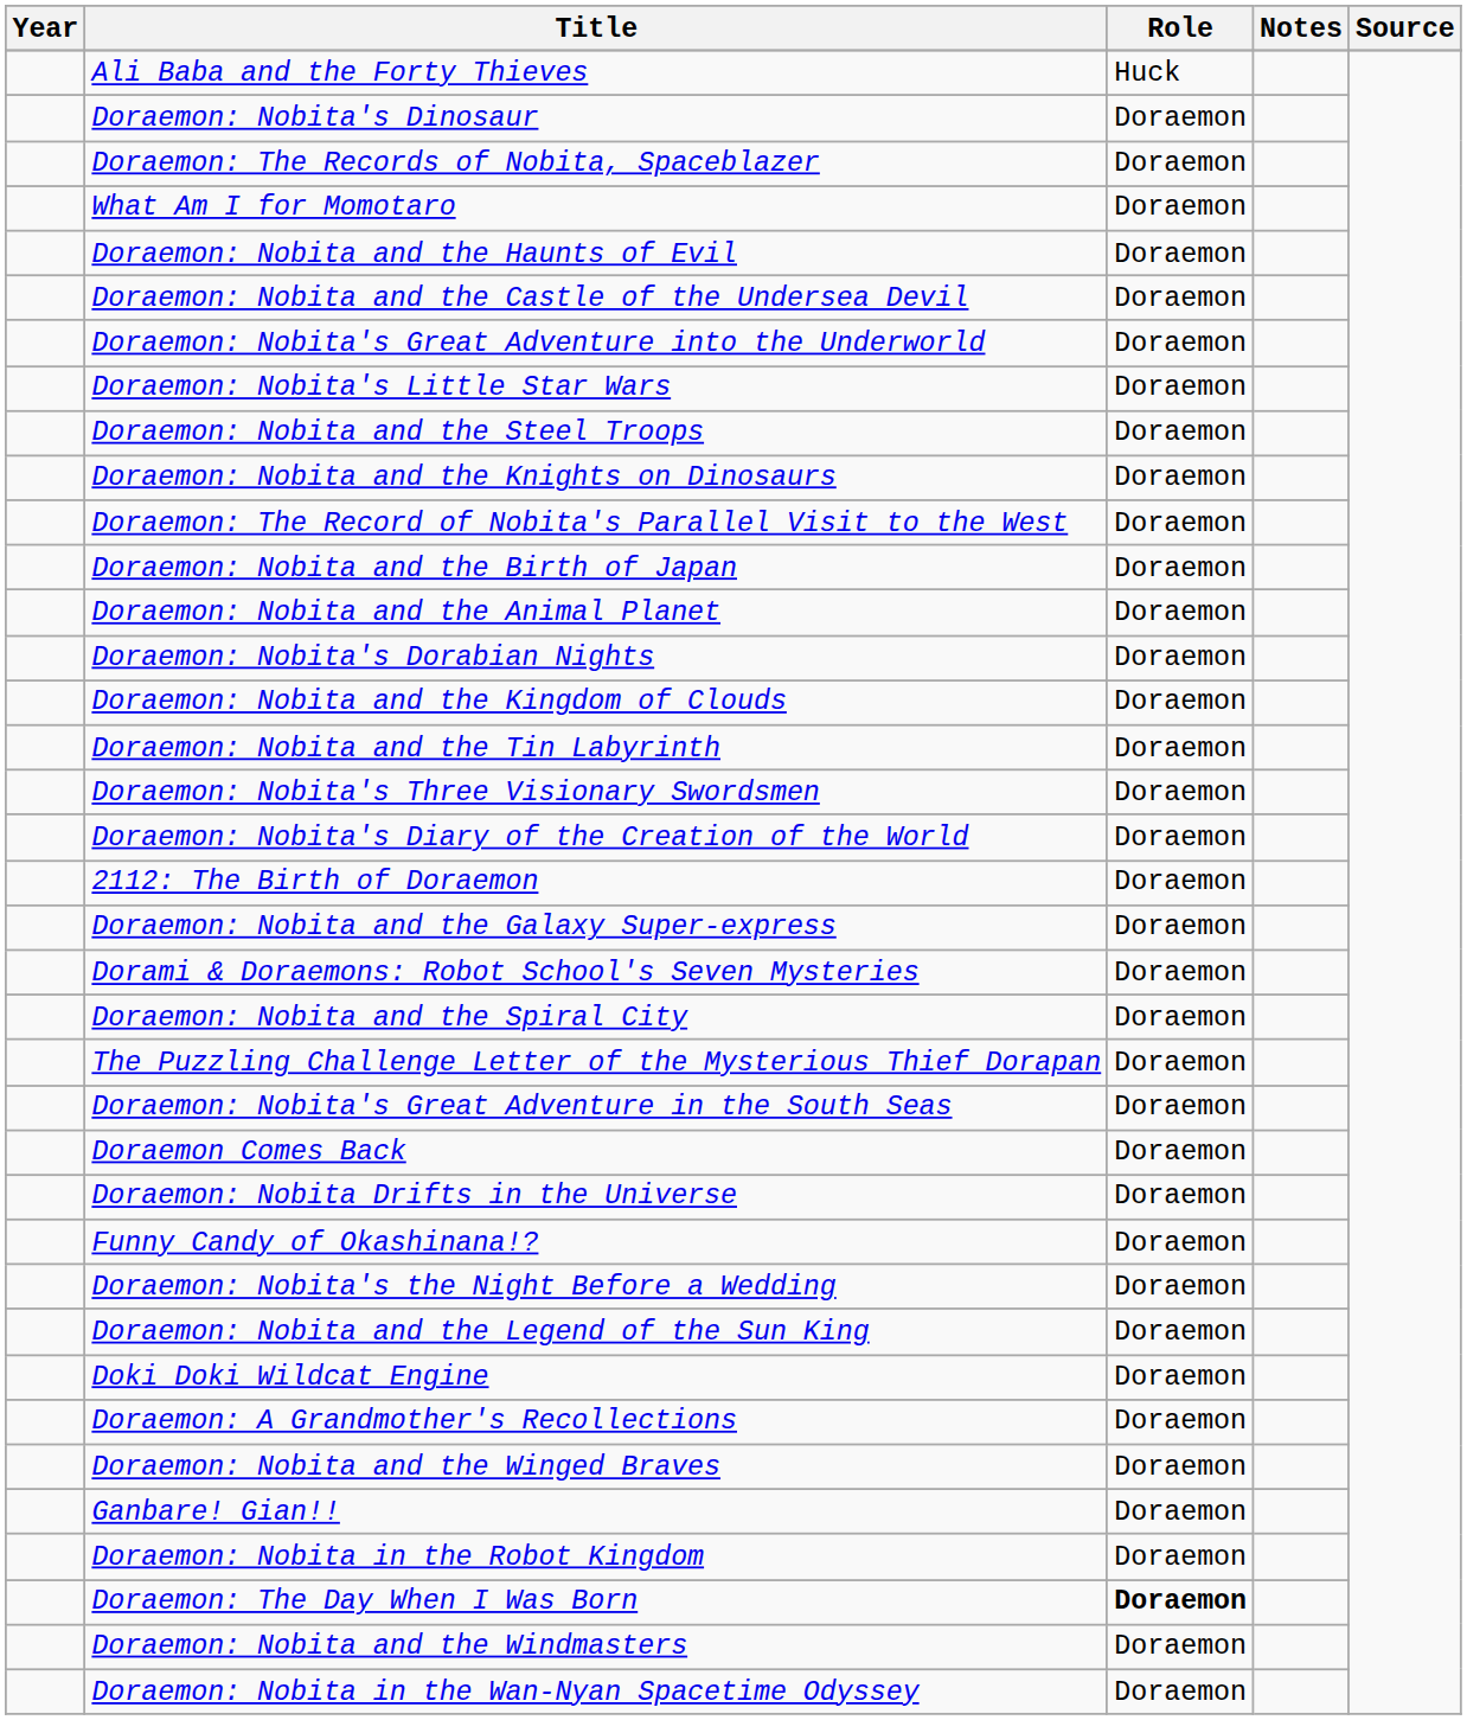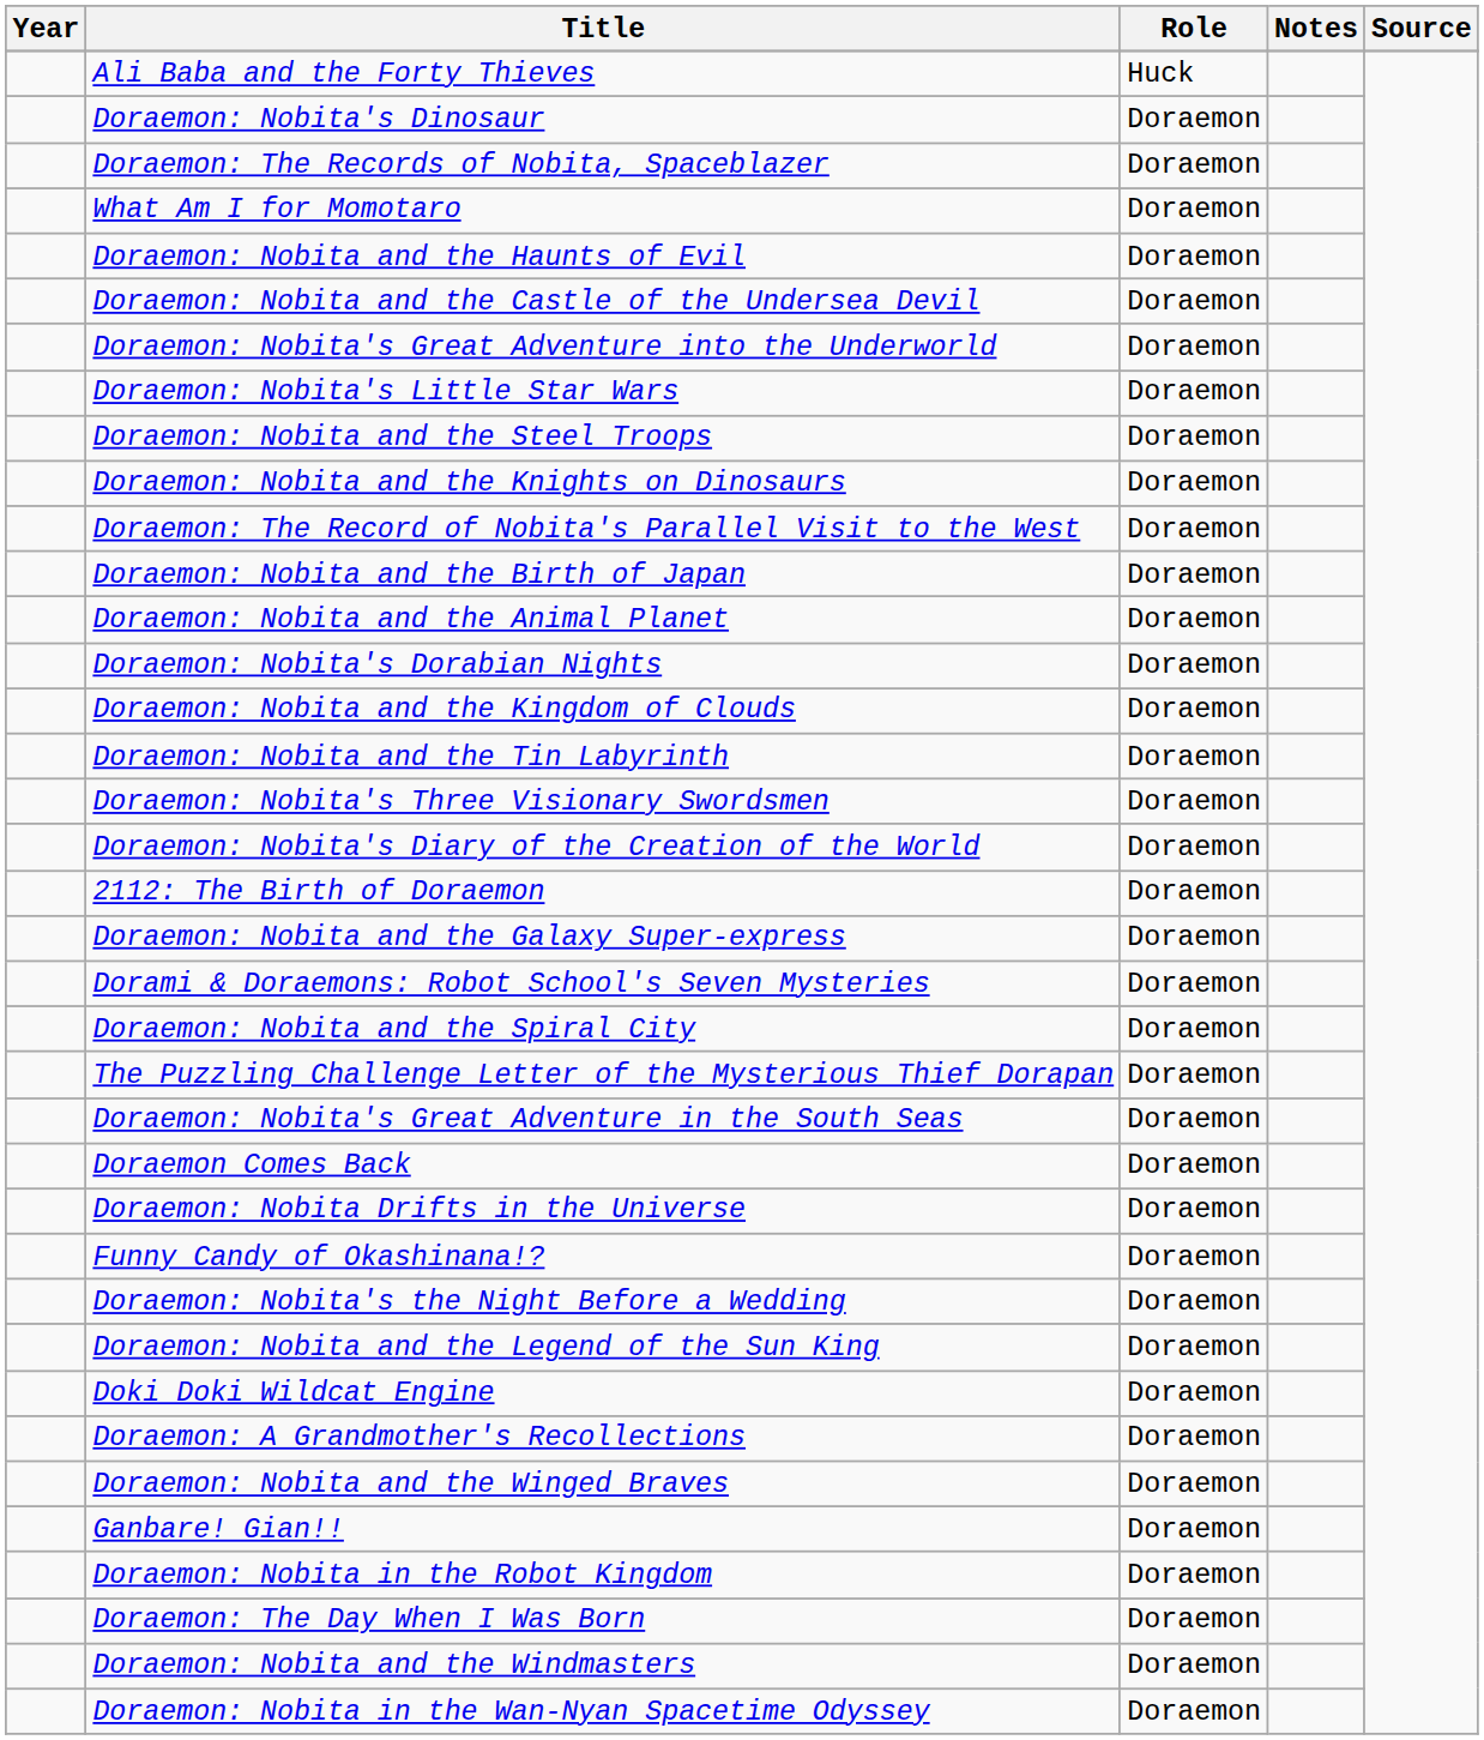 <table class="wikitable sortable plainrowheaders">
 <tr>
 <th>Year</th>
 <th>Title</th>
 <th>Role</th>
 <th class="unsortable">Notes</th>
 <th class="unsortable">Source</th>
 </tr>
 <tr>
 </tr>
 <tr>
 <td></td>
 <td><em><a href='#'>Ali Baba and the Forty Thieves</a></em></td>
 <td>Huck</td>
 <td></td>
 <td rowspan="37"></td>
 </tr>
 <tr>
 <td></td>
 <td><em><a href='#'>Doraemon: Nobita's Dinosaur</a></em></td>
 <td>Doraemon</td>
 <td></td>
 </tr>
 <tr>
 <td></td>
 <td><em><a href='#'>Doraemon: The Records of Nobita, Spaceblazer</a></em></td>
 <td>Doraemon</td>
 <td></td>
 </tr>
 <tr>
 <td></td>
 <td><em><a href='#'>What Am I for Momotaro</a></em></td>
 <td>Doraemon</td>
 <td></td>
 </tr>
 <tr>
 <td></td>
 <td><em><a href='#'>Doraemon: Nobita and the Haunts of Evil</a></em></td>
 <td>Doraemon</td>
 <td></td>
 </tr>
 <tr>
 <td></td>
 <td><em><a href='#'>Doraemon: Nobita and the Castle of the Undersea Devil</a></em></td>
 <td>Doraemon</td>
 <td></td>
 </tr>
 <tr>
 <td></td>
 <td><em><a href='#'>Doraemon: Nobita's Great Adventure into the Underworld</a></em></td>
 <td>Doraemon</td>
 <td></td>
 </tr>
 <tr>
 <td></td>
 <td><em><a href='#'>Doraemon: Nobita's Little Star Wars</a></em></td>
 <td>Doraemon</td>
 <td></td>
 </tr>
 <tr>
 <td></td>
 <td><em><a href='#'>Doraemon: Nobita and the Steel Troops</a></em></td>
 <td>Doraemon</td>
 <td></td>
 </tr>
 <tr>
 <td></td>
 <td><em><a href='#'>Doraemon: Nobita and the Knights on Dinosaurs</a></em></td>
 <td>Doraemon</td>
 <td></td>
 </tr>
 <tr>
 <td></td>
 <td><em><a href='#'>Doraemon: The Record of Nobita's Parallel Visit to the West</a></em></td>
 <td>Doraemon</td>
 <td></td>
 </tr>
 <tr>
 <td></td>
 <td><em><a href='#'>Doraemon: Nobita and the Birth of Japan</a></em></td>
 <td>Doraemon</td>
 <td></td>
 </tr>
 <tr>
 <td></td>
 <td><em><a href='#'>Doraemon: Nobita and the Animal Planet</a></em></td>
 <td>Doraemon</td>
 <td></td>
 </tr>
 <tr>
 <td></td>
 <td><em><a href='#'>Doraemon: Nobita's Dorabian Nights</a></em></td>
 <td>Doraemon</td>
 <td></td>
 </tr>
 <tr>
 <td></td>
 <td><em><a href='#'>Doraemon: Nobita and the Kingdom of Clouds</a></em></td>
 <td>Doraemon</td>
 <td></td>
 </tr>
 <tr>
 <td></td>
 <td><em><a href='#'>Doraemon: Nobita and the Tin Labyrinth</a></em></td>
 <td>Doraemon</td>
 <td></td>
 </tr>
 <tr>
 <td></td>
 <td><em><a href='#'>Doraemon: Nobita's Three Visionary Swordsmen</a></em></td>
 <td>Doraemon</td>
 <td></td>
 </tr>
 <tr>
 <td></td>
 <td><em><a href='#'>Doraemon: Nobita's Diary of the Creation of the World</a></em></td>
 <td>Doraemon</td>
 <td></td>
 </tr>
 <tr>
 <td></td>
 <td><em><a href='#'>2112: The Birth of Doraemon</a></em></td>
 <td>Doraemon</td>
 <td></td>
 </tr>
 <tr>
 <td></td>
 <td><em><a href='#'>Doraemon: Nobita and the Galaxy Super-express</a></em></td>
 <td>Doraemon</td>
 <td></td>
 </tr>
 <tr>
 <td></td>
 <td><em><a href='#'>Dorami & Doraemons: Robot School's Seven Mysteries</a></em></td>
 <td>Doraemon</td>
 <td></td>
 </tr>
 <tr>
 <td></td>
 <td><em><a href='#'>Doraemon: Nobita and the Spiral City</a></em></td>
 <td>Doraemon</td>
 <td></td>
 </tr>
 <tr>
 <td></td>
 <td><em><a href='#'>The Puzzling Challenge Letter of the Mysterious Thief Dorapan</a></em></td>
 <td>Doraemon</td>
 <td></td>
 </tr>
 <tr>
 <td></td>
 <td><em><a href='#'>Doraemon: Nobita's Great Adventure in the South Seas</a></em></td>
 <td>Doraemon</td>
 <td></td>
 </tr>
 <tr>
 <td></td>
 <td><em><a href='#'>Doraemon Comes Back</a></em></td>
 <td>Doraemon</td>
 <td></td>
 </tr>
 <tr>
 <td></td>
 <td><em><a href='#'>Doraemon: Nobita Drifts in the Universe</a></em></td>
 <td>Doraemon</td>
 <td></td>
 </tr>
 <tr>
 <td></td>
 <td><em><a href='#'>Funny Candy of Okashinana!?</a></em></td>
 <td>Doraemon</td>
 <td></td>
 </tr>
 <tr>
 <td></td>
 <td><em><a href='#'>Doraemon: Nobita's the Night Before a Wedding</a></em></td>
 <td>Doraemon</td>
 <td></td>
 </tr>
 <tr>
 <td></td>
 <td><em><a href='#'>Doraemon: Nobita and the Legend of the Sun King</a></em></td>
 <td>Doraemon</td>
 <td></td>
 </tr>
 <tr>
 <td></td>
 <td><em><a href='#'>Doki Doki Wildcat Engine</a></em></td>
 <td>Doraemon</td>
 <td></td>
 </tr>
 <tr>
 <td></td>
 <td><em><a href='#'>Doraemon: A Grandmother's Recollections</a></em></td>
 <td>Doraemon</td>
 <td></td>
 </tr>
 <tr>
 <td></td>
 <td><em><a href='#'>Doraemon: Nobita and the Winged Braves</a></em></td>
 <td>Doraemon</td>
 <td></td>
 </tr>
 <tr>
 <td></td>
 <td><em><a href='#'>Ganbare! Gian!!</a></em></td>
 <td>Doraemon</td>
 <td></td>
 </tr>
 <tr>
 <td></td>
 <td><em><a href='#'>Doraemon: Nobita in the Robot Kingdom</a></em></td>
 <td>Doraemon</td>
 <td></td>
 </tr>
 <tr>
 <td></td>
 <td><em><a href='#'>Doraemon: The Day When I Was Born</a></em></td>
-<td><strong>Doraemon</strong></td>
+<td>Doraemon</td>
 <td></td>
 </tr>
 <tr>
 <td></td>
 <td><em><a href='#'>Doraemon: Nobita and the Windmasters</a></em></td>
 <td>Doraemon</td>
 <td></td>
 </tr>
 <tr>
 <td></td>
 <td><em><a href='#'>Doraemon: Nobita in the Wan-Nyan Spacetime Odyssey</a></em></td>
 <td>Doraemon</td>
 <td></td>
 </tr>
 </table>
